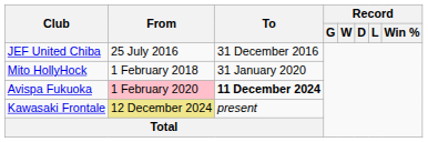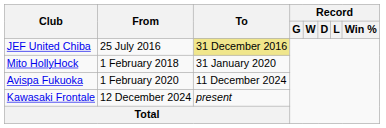 <table class="wikitable" style="text-align: center">
 <tr>
 <th rowspan="2">Club</th>
 <th rowspan="2">From</th>
 <th rowspan="2">To</th>
 <th colspan="5">Record</th>
 </tr>
 <tr>
 <th>G</th>
 <th>W</th>
 <th>D</th>
 <th>L</th>
 <th>Win %</th>
 </tr>
 <tr>
 <td align="left"><a href='#'>JEF United Chiba</a></td>
 <td align="left">25 July 2016</td>
-<td align="left">31 December 2016<br></td>
+<td align="left" style="background: khaki;">31 December 2016<br></td>
 </tr>
 <tr>
 <td align="left"><a href='#'>Mito HollyHock</a></td>
 <td align="left">1 February 2018</td>
 <td align="left">31 January 2020<br></td>
 </tr>
 <tr>
 <td align="left"><a href='#'>Avispa Fukuoka</a></td>
-<td align="left" style="background: pink;">1 February 2020</td>
-<td align="left"><strong>11 December 2024<br></strong></td>
+<td align="left">1 February 2020</td>
+<td align="left">11 December 2024<br></td>
 </tr>
 <tr>
 <td align="left"><a href='#'>Kawasaki Frontale</a></td>
-<td align="left" style="background: khaki;">12 December 2024</td>
+<td align="left">12 December 2024</td>
 <td align="left"><em>present</em><br></td>
 </tr>
 <tr>
 <th colspan="3">Total<br></th>
 </tr>
 </table>
